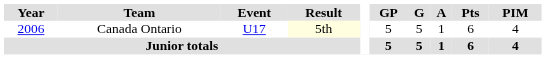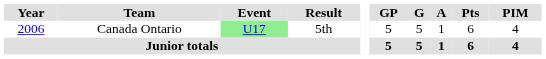 <table border="0" cellpadding="1" cellspacing="0" style="text-align:center; width:40em">
 <tr ALIGN="center" bgcolor="#e0e0e0">
 <th>Year</th>
 <th>Team</th>
 <th>Event</th>
 <th>Result</th>
 <th rowspan="99" bgcolor="#ffffff"> </th>
 <th>GP</th>
 <th>G</th>
 <th>A</th>
 <th>Pts</th>
 <th>PIM</th>
 </tr>
 <tr>
 <td><a href='#'>2006</a></td>
 <td>Canada Ontario</td>
-<td><a href='#'>U17</a></td>
-<td style="background: lightyellow;">5th</td>
+<td style="background: lightgreen;"><a href='#'>U17</a></td>
+<td>5th</td>
 <td>5</td>
 <td>5</td>
 <td>1</td>
 <td>6</td>
 <td>4</td>
 </tr>
 <tr bgcolor="#e0e0e0">
 <th colspan="4">Junior totals</th>
 <th>5</th>
 <th>5</th>
 <th>1</th>
 <th>6</th>
 <th>4</th>
 </tr>
 </table>
